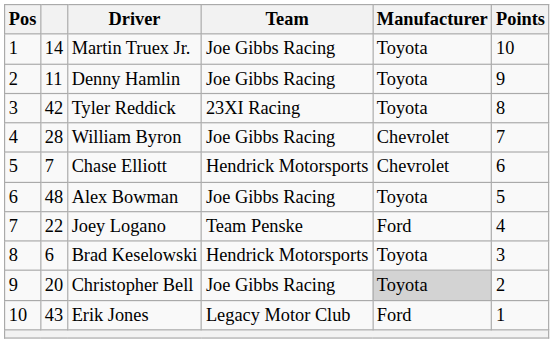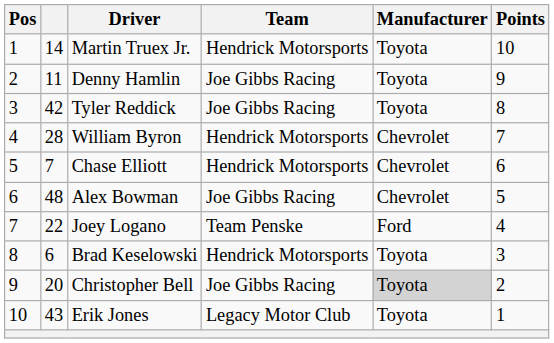 <table class="wikitable" style="font-size:98%">
 <tr>
 <th>Pos</th>
 <th></th>
 <th>Driver</th>
 <th>Team</th>
 <th>Manufacturer</th>
 <th>Points</th>
 </tr>
 <tr>
 <td>1</td>
 <td>14</td>
 <td>Martin Truex Jr.</td>
-<td>Joe Gibbs Racing</td>
+<td>Hendrick Motorsports</td>
 <td>Toyota</td>
 <td>10</td>
 </tr>
 <tr>
 <td>2</td>
 <td>11</td>
 <td>Denny Hamlin</td>
 <td>Joe Gibbs Racing</td>
 <td>Toyota</td>
 <td>9</td>
 </tr>
 <tr>
 <td>3</td>
 <td>42</td>
 <td>Tyler Reddick</td>
-<td>23XI Racing</td>
+<td>Joe Gibbs Racing</td>
 <td>Toyota</td>
 <td>8</td>
 </tr>
 <tr>
 <td>4</td>
 <td>28</td>
 <td>William Byron</td>
-<td>Joe Gibbs Racing</td>
+<td>Hendrick Motorsports</td>
 <td>Chevrolet</td>
 <td>7</td>
 </tr>
 <tr>
 <td>5</td>
 <td>7</td>
 <td>Chase Elliott</td>
 <td>Hendrick Motorsports</td>
 <td>Chevrolet</td>
 <td>6</td>
 </tr>
 <tr>
 <td>6</td>
 <td>48</td>
 <td>Alex Bowman</td>
 <td>Joe Gibbs Racing</td>
-<td>Toyota</td>
+<td>Chevrolet</td>
 <td>5</td>
 </tr>
 <tr>
 <td>7</td>
 <td>22</td>
 <td>Joey Logano</td>
 <td>Team Penske</td>
 <td>Ford</td>
 <td>4</td>
 </tr>
 <tr>
 <td>8</td>
 <td>6</td>
 <td>Brad Keselowski</td>
 <td>Hendrick Motorsports</td>
 <td>Toyota</td>
 <td>3</td>
 </tr>
 <tr>
 <td>9</td>
 <td>20</td>
 <td>Christopher Bell</td>
 <td>Joe Gibbs Racing</td>
 <td style="background: lightgrey;">Toyota</td>
 <td>2</td>
 </tr>
 <tr>
 <td>10</td>
 <td>43</td>
 <td>Erik Jones</td>
 <td>Legacy Motor Club</td>
-<td>Ford</td>
+<td>Toyota</td>
 <td>1</td>
 </tr>
 <tr>
 <th colspan="6"></th>
 </tr>
 </table>
